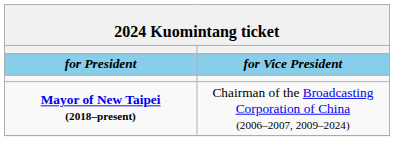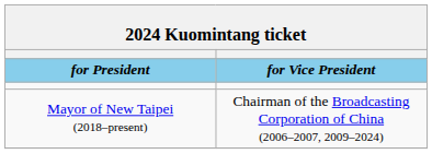 <table class="wikitable" style="font-size:90%; text-align:center;">
 <tr>
 <td colspan="28" style="background:#f1f1f1;"><br><big><strong>2024 Kuomintang ticket</strong></big></td>
 </tr>
 <tr>
 <th style="width:3em; font-size:135%; background:"></th>
 <th style="width:3em; font-size:135%; background:"></th>
 </tr>
 <tr style="color:#000; font-size:100%;">
 <td style="width:3em; width:200px; background:skyblue;"><strong><em>for President</em></strong></td>
 <td style="width:3em; width:200px; background:skyblue;"><strong><em>for Vice President</em></strong></td>
 </tr>
 <tr>
 <td></td>
 <td></td>
 </tr>
 <tr>
-<td><strong><a href='#'>Mayor of New Taipei</a><br><small>(2018–present)</small></strong></td>
+<td><a href='#'>Mayor of New Taipei</a><br><small>(2018–present)</small></td>
 <td>Chairman of the <a href='#'>Broadcasting Corporation of China</a><br><small>(2006–2007, 2009–2024)</small></td>
 </tr>
 <tr>
 </tr>
 </table>
